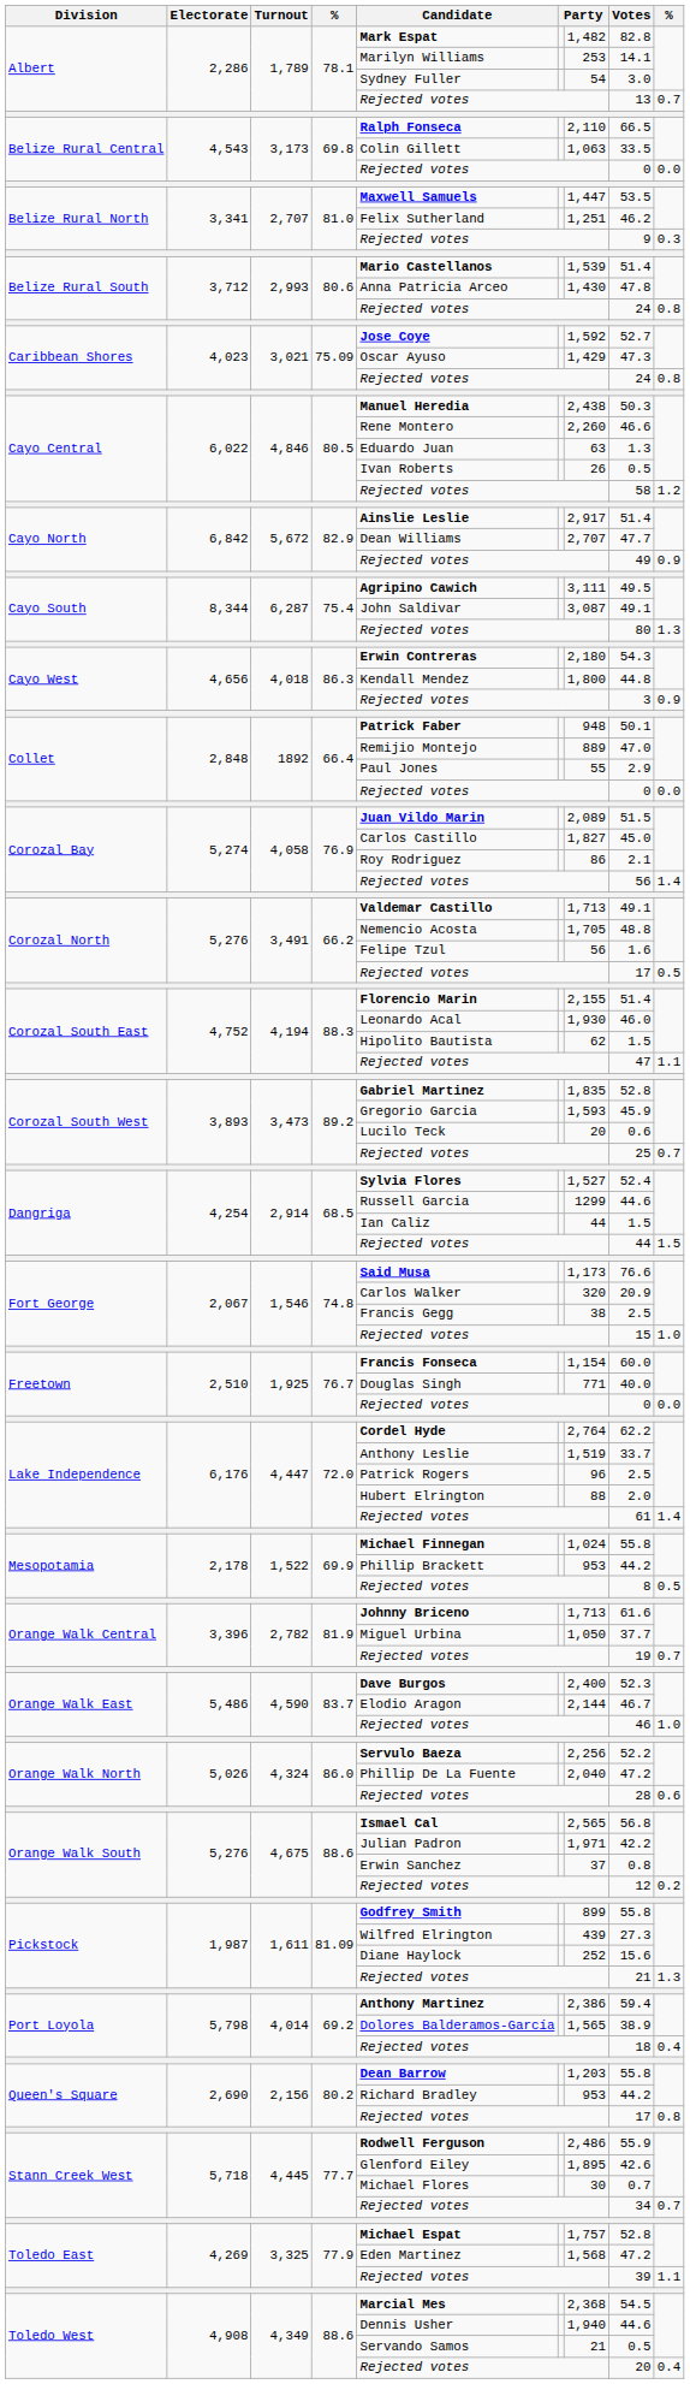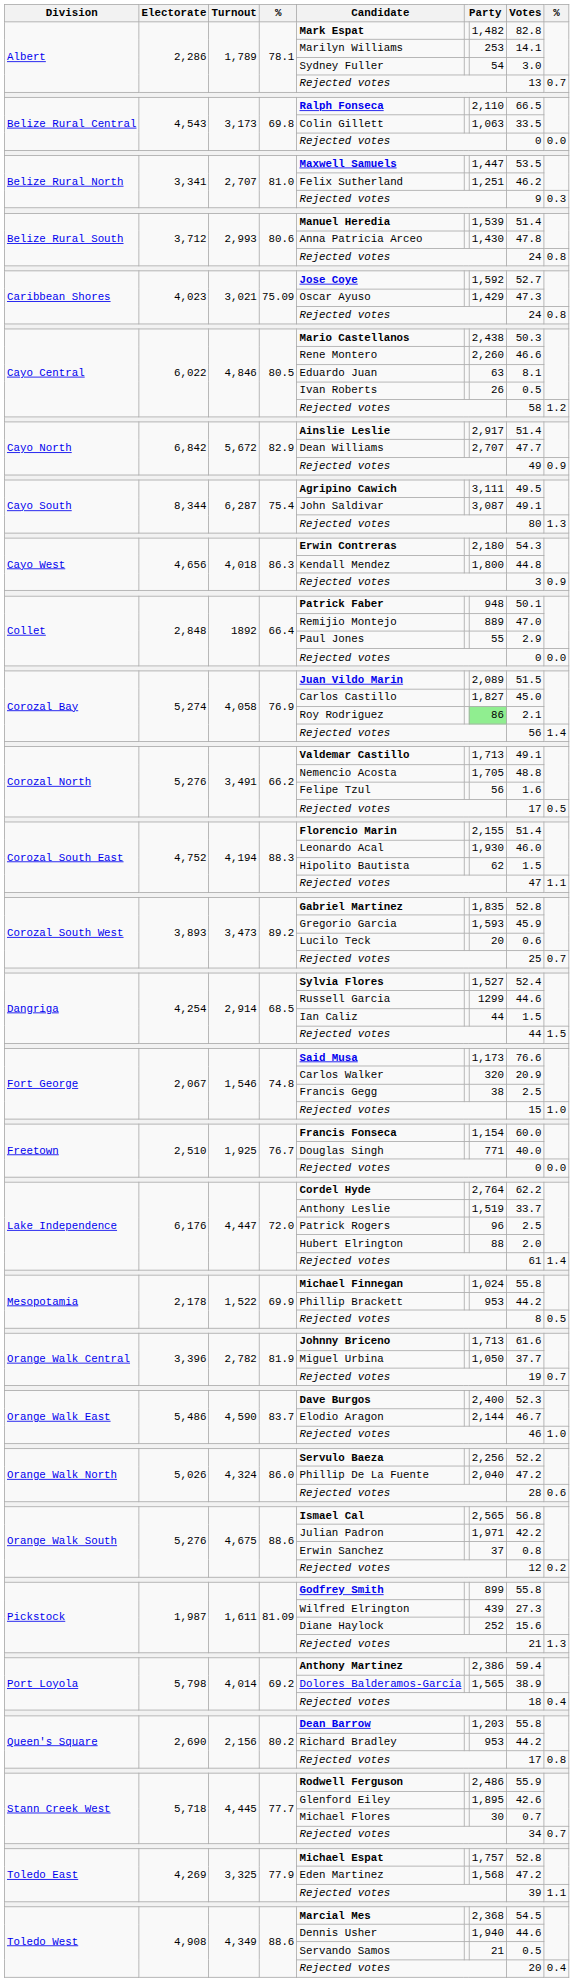 <table class="wikitable">
 <tr>
 <th>Division</th>
 <th>Electorate</th>
 <th>Turnout</th>
 <th>%</th>
 <th>Candidate</th>
 <th colspan=2>Party</th>
 <th>Votes</th>
 <th>%</th>
 </tr>
 <tr>
 <td rowspan=4><a href='#'>Albert</a></td>
 <td align=right rowspan=4>2,286</td>
 <td align=right rowspan=4>1,789</td>
 <td align=right rowspan=4>78.1</td>
 <td><strong>Mark Espat</strong></td>
 <td></td>
 <td align=right>1,482</td>
 <td align=right>82.8</td>
 </tr>
 <tr>
 <td>Marilyn Williams</td>
 <td></td>
 <td align=right>253</td>
 <td align=right>14.1</td>
 </tr>
 <tr>
 <td>Sydney Fuller</td>
 <td></td>
 <td align=right>54</td>
 <td align=right>3.0</td>
 </tr>
 <tr>
 <td colspan=3><em>Rejected votes</em></td>
 <td align=right>13</td>
 <td align=right>0.7</td>
 </tr>
 <tr>
 <th colspan=9></th>
 </tr>
 <tr>
 <td rowspan=3><a href='#'>Belize Rural Central</a></td>
 <td align=right rowspan=3>4,543</td>
 <td align=right rowspan=3>3,173</td>
 <td align=right rowspan=3>69.8</td>
 <td><strong><a href='#'>Ralph Fonseca</a></strong></td>
 <td></td>
 <td align=right>2,110</td>
 <td align=right>66.5</td>
 </tr>
 <tr>
 <td>Colin Gillett</td>
 <td></td>
 <td align=right>1,063</td>
 <td align=right>33.5</td>
 </tr>
 <tr>
 <td colspan=3><em>Rejected votes</em></td>
 <td align=right>0</td>
 <td align=right>0.0</td>
 </tr>
 <tr>
 <th colspan=9></th>
 </tr>
 <tr>
 <td rowspan=3><a href='#'>Belize Rural North</a></td>
 <td align=right rowspan=3>3,341</td>
 <td align=right rowspan=3>2,707</td>
 <td align=right rowspan=3>81.0</td>
 <td><strong><a href='#'>Maxwell Samuels</a></strong></td>
 <td></td>
 <td align=right>1,447</td>
 <td align=right>53.5</td>
 </tr>
 <tr>
 <td>Felix Sutherland</td>
 <td></td>
 <td align=right>1,251</td>
 <td align=right>46.2</td>
 </tr>
 <tr>
 <td colspan=3><em>Rejected votes</em></td>
 <td align=right>9</td>
 <td align=right>0.3</td>
 </tr>
 <tr>
 <th colspan=9></th>
 </tr>
 <tr>
 <td rowspan=3><a href='#'>Belize Rural South</a></td>
 <td align=right rowspan=3>3,712</td>
 <td align=right rowspan=3>2,993</td>
 <td align=right rowspan=3>80.6</td>
-<td><strong>Mario Castellanos</strong></td>
+<td><strong>Manuel Heredia</strong></td>
 <td></td>
 <td align=right>1,539</td>
 <td align=right>51.4</td>
 </tr>
 <tr>
 <td>Anna Patricia Arceo</td>
 <td></td>
 <td align=right>1,430</td>
 <td align=right>47.8</td>
 </tr>
 <tr>
 <td colspan=3><em>Rejected votes</em></td>
 <td align=right>24</td>
 <td align=right>0.8</td>
 </tr>
 <tr>
 <th colspan=9></th>
 </tr>
 <tr>
 <td rowspan=3><a href='#'>Caribbean Shores</a></td>
 <td align=right rowspan=3>4,023</td>
 <td align=right rowspan=3>3,021</td>
 <td align=right rowspan=3>75.09</td>
 <td><strong><a href='#'>Jose Coye</a></strong></td>
 <td></td>
 <td align=right>1,592</td>
 <td align=right>52.7</td>
 </tr>
 <tr>
 <td>Oscar Ayuso</td>
 <td></td>
 <td align=right>1,429</td>
 <td align=right>47.3</td>
 </tr>
 <tr>
 <td colspan=3><em>Rejected votes</em></td>
 <td align=right>24</td>
 <td align=right>0.8</td>
 </tr>
 <tr>
 <th colspan=9></th>
 </tr>
 <tr>
 <td rowspan=5><a href='#'>Cayo Central</a></td>
 <td align=right rowspan=5>6,022</td>
 <td align=right rowspan=5>4,846</td>
 <td align=right rowspan=5>80.5</td>
-<td><strong>Manuel Heredia</strong></td>
+<td><strong>Mario Castellanos</strong></td>
 <td></td>
 <td align=right>2,438</td>
 <td align=right>50.3</td>
 </tr>
 <tr>
 <td>Rene Montero</td>
 <td></td>
 <td align=right>2,260</td>
 <td align=right>46.6</td>
 </tr>
 <tr>
 <td>Eduardo Juan</td>
 <td></td>
 <td align=right>63</td>
-<td align=right>1.3</td>
+<td align=right>8.1</td>
 </tr>
 <tr>
 <td>Ivan Roberts</td>
 <td></td>
 <td align=right>26</td>
 <td align=right>0.5</td>
 </tr>
 <tr>
 <td colspan=3><em>Rejected votes</em></td>
 <td align=right>58</td>
 <td align=right>1.2</td>
 </tr>
 <tr>
 <th colspan=9></th>
 </tr>
 <tr>
 <td rowspan=3><a href='#'>Cayo North</a></td>
 <td align=right rowspan=3>6,842</td>
 <td align=right rowspan=3>5,672</td>
 <td align=right rowspan=3>82.9</td>
 <td><strong>Ainslie Leslie</strong></td>
 <td></td>
 <td align=right>2,917</td>
 <td align=right>51.4</td>
 </tr>
 <tr>
 <td>Dean Williams</td>
 <td></td>
 <td align=right>2,707</td>
 <td align=right>47.7</td>
 </tr>
 <tr>
 <td colspan=3><em>Rejected votes</em></td>
 <td align=right>49</td>
 <td align=right>0.9</td>
 </tr>
 <tr>
 <th colspan=9></th>
 </tr>
 <tr>
 <td rowspan=3><a href='#'>Cayo South</a></td>
 <td align=right rowspan=3>8,344</td>
 <td align=right rowspan=3>6,287</td>
 <td align=right rowspan=3>75.4</td>
 <td><strong>Agripino Cawich</strong></td>
 <td></td>
 <td align=right>3,111</td>
 <td align=right>49.5</td>
 </tr>
 <tr>
 <td>John Saldivar</td>
 <td></td>
 <td align=right>3,087</td>
 <td align=right>49.1</td>
 </tr>
 <tr>
 <td colspan=3><em>Rejected votes</em></td>
 <td align=right>80</td>
 <td align=right>1.3</td>
 </tr>
 <tr>
 <th colspan=9></th>
 </tr>
 <tr>
 <td rowspan=3><a href='#'>Cayo West</a></td>
 <td align=right rowspan=3>4,656</td>
 <td align=right rowspan=3>4,018</td>
 <td align=right rowspan=3>86.3</td>
 <td><strong>Erwin Contreras</strong></td>
 <td></td>
 <td align=right>2,180</td>
 <td align=right>54.3</td>
 </tr>
 <tr>
 <td>Kendall Mendez</td>
 <td></td>
 <td align=right>1,800</td>
 <td align=right>44.8</td>
 </tr>
 <tr>
 <td colspan=3><em>Rejected votes</em></td>
 <td align=right>3</td>
 <td align=right>0.9</td>
 </tr>
 <tr>
 <th colspan=9></th>
 </tr>
 <tr>
 <td rowspan=4><a href='#'>Collet</a></td>
 <td align=right rowspan=4>2,848</td>
 <td align=right rowspan=4>1892</td>
 <td align=right rowspan=4>66.4</td>
 <td><strong>Patrick Faber</strong></td>
 <td></td>
 <td align=right>948</td>
 <td align=right>50.1</td>
 </tr>
 <tr>
 <td>Remijio Montejo</td>
 <td></td>
 <td align=right>889</td>
 <td align=right>47.0</td>
 </tr>
 <tr>
 <td>Paul Jones</td>
 <td></td>
 <td align=right>55</td>
 <td align=right>2.9</td>
 </tr>
 <tr>
 <td colspan=3><em>Rejected votes</em></td>
 <td align=right>0</td>
 <td align=right>0.0</td>
 </tr>
 <tr>
 <th colspan=9></th>
 </tr>
 <tr>
 <td rowspan=4><a href='#'>Corozal Bay</a></td>
 <td align=right rowspan=4>5,274</td>
 <td align=right rowspan=4>4,058</td>
 <td align=right rowspan=4>76.9</td>
 <td><strong><a href='#'>Juan Vildo Marin</a></strong></td>
 <td></td>
 <td align=right>2,089</td>
 <td align=right>51.5</td>
 </tr>
 <tr>
 <td>Carlos Castillo</td>
 <td></td>
 <td align=right>1,827</td>
 <td align=right>45.0</td>
 </tr>
 <tr>
 <td>Roy Rodriguez</td>
 <td></td>
-<td align=right>86</td>
+<td align=right style="background: lightgreen;">86</td>
 <td align=right>2.1</td>
 </tr>
 <tr>
 <td colspan=3><em>Rejected votes</em></td>
 <td align=right>56</td>
 <td align=right>1.4</td>
 </tr>
 <tr>
 <th colspan=9></th>
 </tr>
 <tr>
 <td rowspan=4><a href='#'>Corozal North</a></td>
 <td align=right rowspan=4>5,276</td>
 <td align=right rowspan=4>3,491</td>
 <td align=right rowspan=4>66.2</td>
 <td><strong>Valdemar Castillo</strong></td>
 <td></td>
 <td align=right>1,713</td>
 <td align=right>49.1</td>
 </tr>
 <tr>
 <td>Nemencio Acosta</td>
 <td></td>
 <td align=right>1,705</td>
 <td align=right>48.8</td>
 </tr>
 <tr>
 <td>Felipe Tzul</td>
 <td></td>
 <td align=right>56</td>
 <td align=right>1.6</td>
 </tr>
 <tr>
 <td colspan=3><em>Rejected votes</em></td>
 <td align=right>17</td>
 <td align=right>0.5</td>
 </tr>
 <tr>
 <th colspan=9></th>
 </tr>
 <tr>
 <td rowspan=4><a href='#'>Corozal South East</a></td>
 <td align=right rowspan=4>4,752</td>
 <td align=right rowspan=4>4,194</td>
 <td align=right rowspan=4>88.3</td>
 <td><strong>Florencio Marin</strong></td>
 <td></td>
 <td align=right>2,155</td>
 <td align=right>51.4</td>
 </tr>
 <tr>
 <td>Leonardo Acal</td>
 <td></td>
 <td align=right>1,930</td>
 <td align=right>46.0</td>
 </tr>
 <tr>
 <td>Hipolito Bautista</td>
 <td></td>
 <td align=right>62</td>
 <td align=right>1.5</td>
 </tr>
 <tr>
 <td colspan=3><em>Rejected votes</em></td>
 <td align=right>47</td>
 <td align=right>1.1</td>
 </tr>
 <tr>
 <th colspan=9></th>
 </tr>
 <tr>
 <td rowspan=4><a href='#'>Corozal South West</a></td>
 <td align=right rowspan=4>3,893</td>
 <td align=right rowspan=4>3,473</td>
 <td align=right rowspan=4>89.2</td>
 <td><strong>Gabriel Martinez</strong></td>
 <td></td>
 <td align=right>1,835</td>
 <td align=right>52.8</td>
 </tr>
 <tr>
 <td>Gregorio Garcia</td>
 <td></td>
 <td align=right>1,593</td>
 <td align=right>45.9</td>
 </tr>
 <tr>
 <td>Lucilo Teck</td>
 <td></td>
 <td align=right>20</td>
 <td align=right>0.6</td>
 </tr>
 <tr>
 <td colspan=3><em>Rejected votes</em></td>
 <td align=right>25</td>
 <td align=right>0.7</td>
 </tr>
 <tr>
 <th colspan=9></th>
 </tr>
 <tr>
 <td rowspan=4><a href='#'>Dangriga</a></td>
 <td align=right rowspan=4>4,254</td>
 <td align=right rowspan=4>2,914</td>
 <td align=right rowspan=4>68.5</td>
 <td><strong>Sylvia Flores</strong></td>
 <td></td>
 <td align=right>1,527</td>
 <td align=right>52.4</td>
 </tr>
 <tr>
 <td>Russell Garcia</td>
 <td></td>
 <td align=right>1299</td>
 <td align=right>44.6</td>
 </tr>
 <tr>
 <td>Ian Caliz</td>
 <td></td>
 <td align=right>44</td>
 <td align=right>1.5</td>
 </tr>
 <tr>
 <td colspan=3><em>Rejected votes</em></td>
 <td align=right>44</td>
 <td align=right>1.5</td>
 </tr>
 <tr>
 <th colspan=9></th>
 </tr>
 <tr>
 <td rowspan=4><a href='#'>Fort George</a></td>
 <td align=right rowspan=4>2,067</td>
 <td align=right rowspan=4>1,546</td>
 <td align=right rowspan=4>74.8</td>
 <td><strong><a href='#'>Said Musa</a></strong></td>
 <td></td>
 <td align=right>1,173</td>
 <td align=right>76.6</td>
 </tr>
 <tr>
 <td>Carlos Walker</td>
 <td></td>
 <td align=right>320</td>
 <td align=right>20.9</td>
 </tr>
 <tr>
 <td>Francis Gegg</td>
 <td></td>
 <td align=right>38</td>
 <td align=right>2.5</td>
 </tr>
 <tr>
 <td colspan=3><em>Rejected votes</em></td>
 <td align=right>15</td>
 <td align=right>1.0</td>
 </tr>
 <tr>
 <th colspan=9></th>
 </tr>
 <tr>
 <td rowspan=3><a href='#'>Freetown</a></td>
 <td align=right rowspan=3>2,510</td>
 <td align=right rowspan=3>1,925</td>
 <td align=right rowspan=3>76.7</td>
 <td><strong>Francis Fonseca</strong></td>
 <td></td>
 <td align=right>1,154</td>
 <td align=right>60.0</td>
 </tr>
 <tr>
 <td>Douglas Singh</td>
 <td></td>
 <td align=right>771</td>
 <td align=right>40.0</td>
 </tr>
 <tr>
 <td colspan=3><em>Rejected votes</em></td>
 <td align=right>0</td>
 <td align=right>0.0</td>
 </tr>
 <tr>
 <th colspan=9></th>
 </tr>
 <tr>
 <td rowspan=5><a href='#'>Lake Independence</a></td>
 <td align=right rowspan=5>6,176</td>
 <td align=right rowspan=5>4,447</td>
 <td align=right rowspan=5>72.0</td>
 <td><strong>Cordel Hyde</strong></td>
 <td></td>
 <td align=right>2,764</td>
 <td align=right>62.2</td>
 </tr>
 <tr>
 <td>Anthony Leslie</td>
 <td></td>
 <td align=right>1,519</td>
 <td align=right>33.7</td>
 </tr>
 <tr>
 <td>Patrick Rogers</td>
 <td></td>
 <td align=right>96</td>
 <td align=right>2.5</td>
 </tr>
 <tr>
 <td>Hubert Elrington</td>
 <td></td>
 <td align=right>88</td>
 <td align=right>2.0</td>
 </tr>
 <tr>
 <td colspan=3><em>Rejected votes</em></td>
 <td align=right>61</td>
 <td align=right>1.4</td>
 </tr>
 <tr>
 <th colspan=9></th>
 </tr>
 <tr>
 <td rowspan=3><a href='#'>Mesopotamia</a></td>
 <td align=right rowspan=3>2,178</td>
 <td align=right rowspan=3>1,522</td>
 <td align=right rowspan=3>69.9</td>
 <td><strong>Michael Finnegan</strong></td>
 <td></td>
 <td align=right>1,024</td>
 <td align=right>55.8</td>
 </tr>
 <tr>
 <td>Phillip Brackett</td>
 <td></td>
 <td align=right>953</td>
 <td align=right>44.2</td>
 </tr>
 <tr>
 <td colspan=3><em>Rejected votes</em></td>
 <td align=right>8</td>
 <td align=right>0.5</td>
 </tr>
 <tr>
 <th colspan=9></th>
 </tr>
 <tr>
 <td rowspan=3><a href='#'>Orange Walk Central</a></td>
 <td align=right rowspan=3>3,396</td>
 <td align=right rowspan=3>2,782</td>
 <td align=right rowspan=3>81.9</td>
 <td><strong>Johnny Briceno</strong></td>
 <td></td>
 <td align=right>1,713</td>
 <td align=right>61.6</td>
 </tr>
 <tr>
 <td>Miguel Urbina</td>
 <td></td>
 <td align=right>1,050</td>
 <td align=right>37.7</td>
 </tr>
 <tr>
 <td colspan=3><em>Rejected votes</em></td>
 <td align=right>19</td>
 <td align=right>0.7</td>
 </tr>
 <tr>
 <th colspan=9></th>
 </tr>
 <tr>
 <td rowspan=3><a href='#'>Orange Walk East</a></td>
 <td align=right rowspan=3>5,486</td>
 <td align=right rowspan=3>4,590</td>
 <td align=right rowspan=3>83.7</td>
 <td><strong>Dave Burgos</strong></td>
 <td></td>
 <td align=right>2,400</td>
 <td align=right>52.3</td>
 </tr>
 <tr>
 <td>Elodio Aragon</td>
 <td></td>
 <td align=right>2,144</td>
 <td align=right>46.7</td>
 </tr>
 <tr>
 <td colspan=3><em>Rejected votes</em></td>
 <td align=right>46</td>
 <td align=right>1.0</td>
 </tr>
 <tr>
 <th colspan=9></th>
 </tr>
 <tr>
 <td rowspan=3><a href='#'>Orange Walk North</a></td>
 <td align=right rowspan=3>5,026</td>
 <td align=right rowspan=3>4,324</td>
 <td align=right rowspan=3>86.0</td>
 <td><strong>Servulo Baeza</strong></td>
 <td></td>
 <td align=right>2,256</td>
 <td align=right>52.2</td>
 </tr>
 <tr>
 <td>Phillip De La Fuente</td>
 <td></td>
 <td align=right>2,040</td>
 <td align=right>47.2</td>
 </tr>
 <tr>
 <td colspan=3><em>Rejected votes</em></td>
 <td align=right>28</td>
 <td align=right>0.6</td>
 </tr>
 <tr>
 <th colspan=9></th>
 </tr>
 <tr>
 <td rowspan=4><a href='#'>Orange Walk South</a></td>
 <td align=right rowspan=4>5,276</td>
 <td align=right rowspan=4>4,675</td>
 <td align=right rowspan=4>88.6</td>
 <td><strong>Ismael Cal</strong></td>
 <td></td>
 <td align=right>2,565</td>
 <td align=right>56.8</td>
 </tr>
 <tr>
 <td>Julian Padron</td>
 <td></td>
 <td align=right>1,971</td>
 <td align=right>42.2</td>
 </tr>
 <tr>
 <td>Erwin Sanchez</td>
 <td></td>
 <td align=right>37</td>
 <td align=right>0.8</td>
 </tr>
 <tr>
 <td colspan=3><em>Rejected votes</em></td>
 <td align=right>12</td>
 <td align=right>0.2</td>
 </tr>
 <tr>
 <th colspan=9></th>
 </tr>
 <tr>
 <td rowspan=4><a href='#'>Pickstock</a></td>
 <td align=right rowspan=4>1,987</td>
 <td align=right rowspan=4>1,611</td>
 <td align=right rowspan=4>81.09</td>
 <td><strong><a href='#'>Godfrey Smith</a></strong></td>
 <td></td>
 <td align=right>899</td>
 <td align=right>55.8</td>
 </tr>
 <tr>
 <td>Wilfred Elrington</td>
 <td></td>
 <td align=right>439</td>
 <td align=right>27.3</td>
 </tr>
 <tr>
 <td>Diane Haylock</td>
 <td></td>
 <td align=right>252</td>
 <td align=right>15.6</td>
 </tr>
 <tr>
 <td colspan=3><em>Rejected votes</em></td>
 <td align=right>21</td>
 <td align=right>1.3</td>
 </tr>
 <tr>
 <th colspan=9></th>
 </tr>
 <tr>
 <td rowspan=3><a href='#'>Port Loyola</a></td>
 <td align=right rowspan=3>5,798</td>
 <td align=right rowspan=3>4,014</td>
 <td align=right rowspan=3>69.2</td>
 <td><strong>Anthony Martinez</strong></td>
 <td></td>
 <td align=right>2,386</td>
 <td align=right>59.4</td>
 </tr>
 <tr>
 <td><a href='#'>Dolores Balderamos-García</a></td>
 <td></td>
 <td align=right>1,565</td>
 <td align=right>38.9</td>
 </tr>
 <tr>
 <td colspan=3><em>Rejected votes</em></td>
 <td align=right>18</td>
 <td align=right>0.4</td>
 </tr>
 <tr>
 <th colspan=9></th>
 </tr>
 <tr>
 <td rowspan=3><a href='#'>Queen's Square</a></td>
 <td align=right rowspan=3>2,690</td>
 <td align=right rowspan=3>2,156</td>
 <td align=right rowspan=3>80.2</td>
 <td><strong><a href='#'>Dean Barrow</a></strong></td>
 <td></td>
 <td align=right>1,203</td>
 <td align=right>55.8</td>
 </tr>
 <tr>
 <td>Richard Bradley</td>
 <td></td>
 <td align=right>953</td>
 <td align=right>44.2</td>
 </tr>
 <tr>
 <td colspan=3><em>Rejected votes</em></td>
 <td align=right>17</td>
 <td align=right>0.8</td>
 </tr>
 <tr>
 <th colspan=9></th>
 </tr>
 <tr>
 <td rowspan=4><a href='#'>Stann Creek West</a></td>
 <td align=right rowspan=4>5,718</td>
 <td align=right rowspan=4>4,445</td>
 <td align=right rowspan=4>77.7</td>
 <td><strong>Rodwell Ferguson</strong></td>
 <td></td>
 <td align=right>2,486</td>
 <td align=right>55.9</td>
 </tr>
 <tr>
 <td>Glenford Eiley</td>
 <td></td>
 <td align=right>1,895</td>
 <td align=right>42.6</td>
 </tr>
 <tr>
 <td>Michael Flores</td>
 <td></td>
 <td align=right>30</td>
 <td align=right>0.7</td>
 </tr>
 <tr>
 <td colspan=3><em>Rejected votes</em></td>
 <td align=right>34</td>
 <td align=right>0.7</td>
 </tr>
 <tr>
 <th colspan=9></th>
 </tr>
 <tr>
 <td rowspan=3><a href='#'>Toledo East</a></td>
 <td align=right rowspan=3>4,269</td>
 <td align=right rowspan=3>3,325</td>
 <td align=right rowspan=3>77.9</td>
 <td><strong>Michael Espat</strong></td>
 <td></td>
 <td align=right>1,757</td>
 <td align=right>52.8</td>
 </tr>
 <tr>
 <td>Eden Martinez</td>
 <td></td>
 <td align=right>1,568</td>
 <td align=right>47.2</td>
 </tr>
 <tr>
 <td colspan=3><em>Rejected votes</em></td>
 <td align=right>39</td>
 <td align=right>1.1</td>
 </tr>
 <tr>
 <th colspan=9></th>
 </tr>
 <tr>
 <td rowspan=4><a href='#'>Toledo West</a></td>
 <td align=right rowspan=4>4,908</td>
 <td align=right rowspan=4>4,349</td>
 <td align=right rowspan=4>88.6</td>
 <td><strong>Marcial Mes</strong></td>
 <td></td>
 <td align=right>2,368</td>
 <td align=right>54.5</td>
 </tr>
 <tr>
 <td>Dennis Usher</td>
 <td></td>
 <td align=right>1,940</td>
 <td align=right>44.6</td>
 </tr>
 <tr>
 <td>Servando Samos</td>
 <td></td>
 <td align=right>21</td>
 <td align=right>0.5</td>
 </tr>
 <tr>
 <td colspan=3><em>Rejected votes</em></td>
 <td align=right>20</td>
 <td align=right>0.4</td>
 </tr>
 </table>
